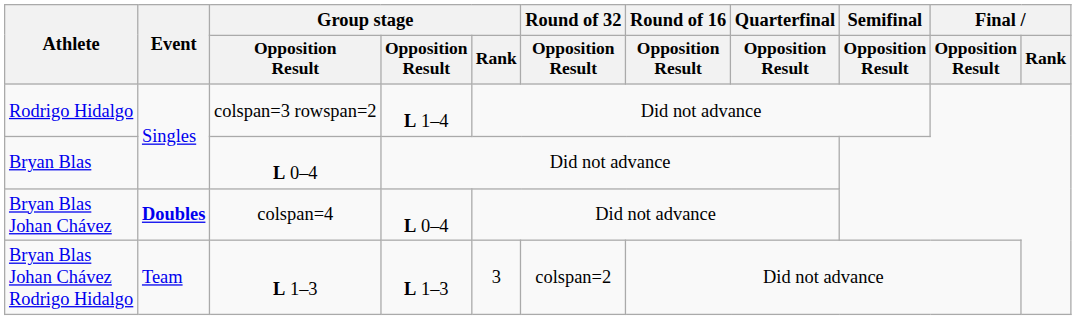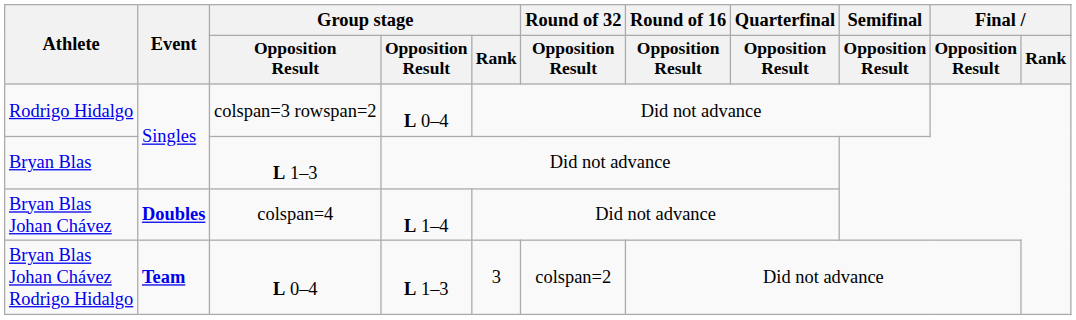 <table class=wikitable style=font-size:90%;text-align:center>
 <tr>
 <th rowspan=2>Athlete</th>
 <th rowspan=2>Event</th>
 <th colspan=3>Group stage</th>
 <th>Round of 32</th>
 <th>Round of 16</th>
 <th>Quarterfinal</th>
 <th>Semifinal</th>
 <th colspan=2>Final / </th>
 </tr>
 <tr style=font-size:95%>
 <th>Opposition<br>Result</th>
 <th>Opposition<br>Result</th>
 <th>Rank</th>
 <th>Opposition<br>Result</th>
 <th>Opposition<br>Result</th>
 <th>Opposition<br>Result</th>
 <th>Opposition<br>Result</th>
 <th>Opposition<br>Result</th>
 <th>Rank</th>
 </tr>
 <tr>
 <td align=left><a href='#'>Rodrigo Hidalgo</a></td>
 <td align=left rowspan=2><a href='#'>Singles</a></td>
 <td>colspan=3 rowspan=2 </td>
-<td><br><strong>L</strong> 1–4</td>
+<td><br><strong>L</strong> 0–4</td>
 <td colspan=5>Did not advance</td>
 </tr>
 <tr>
 <td align=left><a href='#'>Bryan Blas</a></td>
-<td><br><strong>L</strong> 0–4</td>
+<td><br><strong>L</strong> 1–3</td>
 <td colspan=5>Did not advance</td>
 </tr>
 <tr>
 <td align=left><a href='#'>Bryan Blas</a><br><a href='#'>Johan Chávez</a></td>
 <td align=left><strong><a href='#'>Doubles</a></strong></td>
 <td>colspan=4 </td>
-<td><br><strong>L</strong> 0–4</td>
+<td><br><strong>L</strong> 1–4</td>
 <td colspan=4>Did not advance</td>
 </tr>
 <tr>
 <td align=left><a href='#'>Bryan Blas</a><br><a href='#'>Johan Chávez</a><br><a href='#'>Rodrigo Hidalgo</a></td>
-<td align=left><a href='#'>Team</a></td>
-<td><br><strong>L</strong> 1–3</td>
+<td align=left><strong><a href='#'>Team</a></strong></td>
+<td><br><strong>L</strong> 0–4</td>
 <td><br><strong>L</strong> 1–3</td>
 <td>3</td>
 <td>colspan=2 </td>
 <td colspan=4>Did not advance</td>
 </tr>
 </table>
